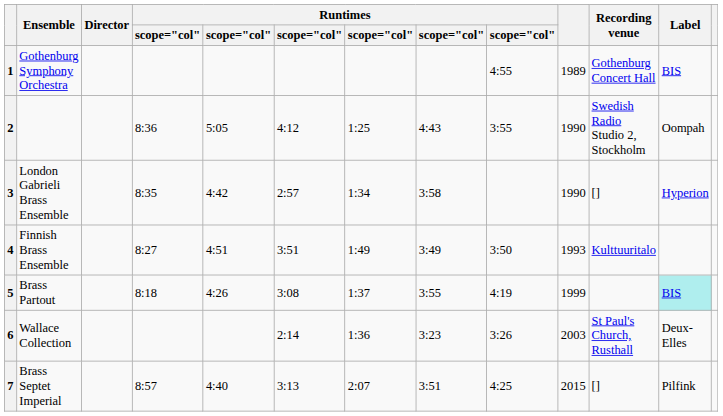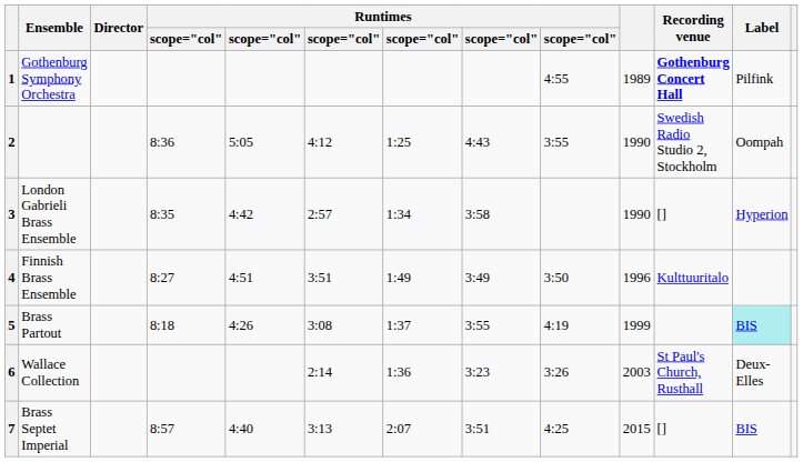 <table class="wikitable sortable" style="margin-right:0; font-size:95%">
 <tr>
 <th rowspan=2 scope="col"></th>
 <th rowspan=2 scope=col>Ensemble</th>
 <th rowspan=2 scope=col>Director</th>
 <th colspan=6 scope=col>Runtimes</th>
 <th rowspan=2 scope=col></th>
 <th rowspan=2 scope=col>Recording venue</th>
 <th rowspan=2 scope=col>Label</th>
 <th rowspan=2 scope=col class="unsortable"></th>
 </tr>
 <tr>
 <th>scope="col" </th>
 <th>scope="col" </th>
 <th>scope="col" </th>
 <th>scope="col" </th>
 <th>scope="col" </th>
 <th>scope="col" </th>
 </tr>
 <tr>
 <th scope="row">1</th>
 <td><a href='#'>Gothenburg Symphony Orchestra</a></td>
 <td></td>
 <td></td>
 <td></td>
 <td></td>
 <td></td>
 <td></td>
 <td>4:55</td>
 <td>1989</td>
-<td><a href='#'>Gothenburg Concert Hall</a></td>
-<td><a href='#'>BIS</a></td>
+<td><strong><a href='#'>Gothenburg Concert Hall</a></strong></td>
+<td>Pilfink</td>
 <td></td>
 </tr>
 <tr>
 <th scope="row">2</th>
 <td></td>
 <td></td>
 <td>8:36</td>
 <td>5:05</td>
 <td>4:12</td>
 <td>1:25</td>
 <td>4:43</td>
 <td>3:55</td>
 <td>1990</td>
 <td><a href='#'>Swedish Radio</a> Studio 2, Stockholm</td>
 <td>Oompah</td>
 <td></td>
 </tr>
 <tr>
 <th scope="row">3</th>
 <td>London Gabrieli Brass Ensemble</td>
 <td></td>
 <td>8:35</td>
 <td>4:42</td>
 <td>2:57</td>
 <td>1:34</td>
 <td>3:58</td>
 <td></td>
 <td>1990</td>
 <td>[]</td>
 <td><a href='#'>Hyperion</a></td>
 <td></td>
 </tr>
 <tr>
 <th scope="row">4</th>
 <td>Finnish Brass Ensemble</td>
 <td></td>
 <td>8:27</td>
 <td>4:51</td>
 <td>3:51</td>
 <td>1:49</td>
 <td>3:49</td>
 <td>3:50</td>
-<td>1993</td>
+<td>1996</td>
 <td><a href='#'>Kulttuuritalo</a></td>
 <td></td>
 <td></td>
 </tr>
 <tr>
 <th scope="row">5</th>
 <td>Brass Partout</td>
 <td></td>
 <td>8:18</td>
 <td>4:26</td>
 <td>3:08</td>
 <td>1:37</td>
 <td>3:55</td>
 <td>4:19</td>
 <td>1999</td>
 <td></td>
 <td style="background: paleturquoise;"><a href='#'>BIS</a></td>
 <td></td>
 </tr>
 <tr>
 <th scope="row">6</th>
 <td>Wallace Collection</td>
 <td></td>
 <td></td>
 <td></td>
 <td>2:14</td>
 <td>1:36</td>
 <td>3:23</td>
 <td>3:26</td>
 <td>2003</td>
 <td><a href='#'>St Paul's Church, Rusthall</a></td>
 <td>Deux-Elles</td>
 <td></td>
 </tr>
 <tr>
 <th scope="row">7</th>
 <td>Brass Septet Imperial</td>
 <td></td>
 <td>8:57</td>
 <td>4:40</td>
 <td>3:13</td>
 <td>2:07</td>
 <td>3:51</td>
 <td>4:25</td>
 <td>2015</td>
 <td>[]</td>
-<td>Pilfink</td>
+<td><a href='#'>BIS</a></td>
 <td></td>
 </tr>
 </table>
